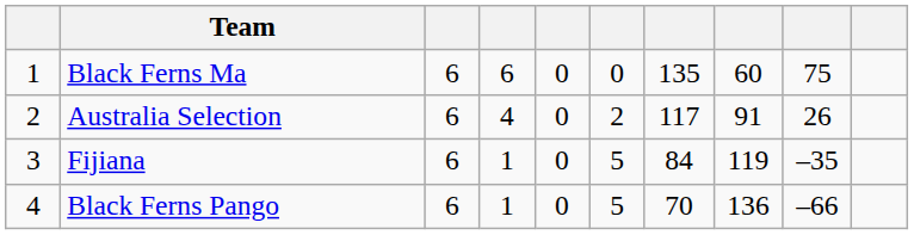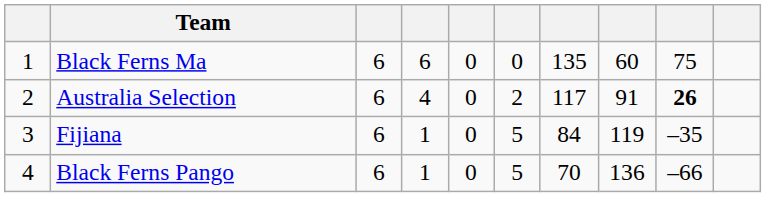 <table class="wikitable" style="text-align:center;">
 <tr>
 <th style="width:1.5em;"></th>
 <th style="width:12.5em">Team</th>
 <th style="width:1.5em;"></th>
 <th style="width:1.5em;"></th>
 <th style="width:1.5em;"></th>
 <th style="width:1.5em;"></th>
 <th style="width:2.0em;"></th>
 <th style="width:2.0em;"></th>
 <th style="width:2.0em;"></th>
 <th style="width:1.5em;"></th>
 </tr>
 <tr>
 <td>1</td>
 <td align="left"><a href='#'>Black Ferns Ma</a></td>
 <td>6</td>
 <td>6</td>
 <td>0</td>
 <td>0</td>
 <td>135</td>
 <td>60</td>
 <td>75</td>
 <td></td>
 </tr>
 <tr>
 <td>2</td>
 <td align="left"><a href='#'>Australia Selection</a></td>
 <td>6</td>
 <td>4</td>
 <td>0</td>
 <td>2</td>
 <td>117</td>
 <td>91</td>
-<td>26</td>
+<td><strong>26</strong></td>
 <td></td>
 </tr>
 <tr>
 <td>3</td>
 <td align="left"><a href='#'>Fijiana</a></td>
 <td>6</td>
 <td>1</td>
 <td>0</td>
 <td>5</td>
 <td>84</td>
 <td>119</td>
 <td>–35</td>
 <td></td>
 </tr>
 <tr>
 <td>4</td>
 <td align="left"><a href='#'>Black Ferns Pango</a></td>
 <td>6</td>
 <td>1</td>
 <td>0</td>
 <td>5</td>
 <td>70</td>
 <td>136</td>
 <td>–66</td>
 <td></td>
 </tr>
 </table>
